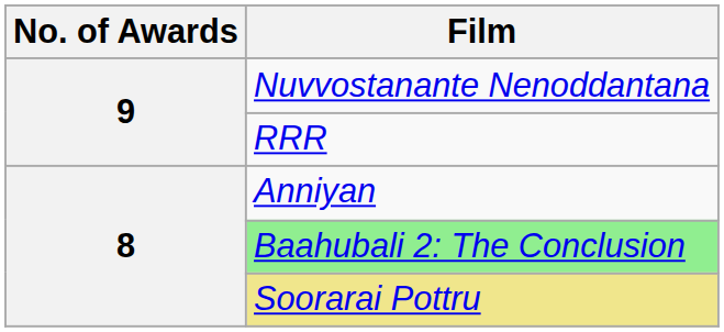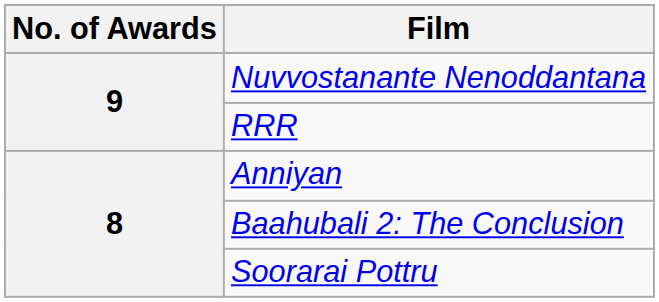 <table class="wikitable">
 <tr>
 <th>No. of Awards</th>
 <th>Film</th>
 </tr>
 <tr>
 <th rowspan=2>9</th>
 <td><em><a href='#'>Nuvvostanante Nenoddantana</a></em></td>
 </tr>
 <tr>
 <td><em><a href='#'>RRR</a></em></td>
 </tr>
 <tr>
 <th rowspan=3>8</th>
 <td><em><a href='#'>Anniyan</a></em></td>
 </tr>
 <tr>
-<td style="background: lightgreen;"><em><a href='#'>Baahubali 2: The Conclusion</a></em></td>
+<td><em><a href='#'>Baahubali 2: The Conclusion</a></em></td>
 </tr>
 <tr>
-<td style="background: khaki;"><em><a href='#'>Soorarai Pottru</a></em></td>
+<td><em><a href='#'>Soorarai Pottru</a></em></td>
 </tr>
 </table>
